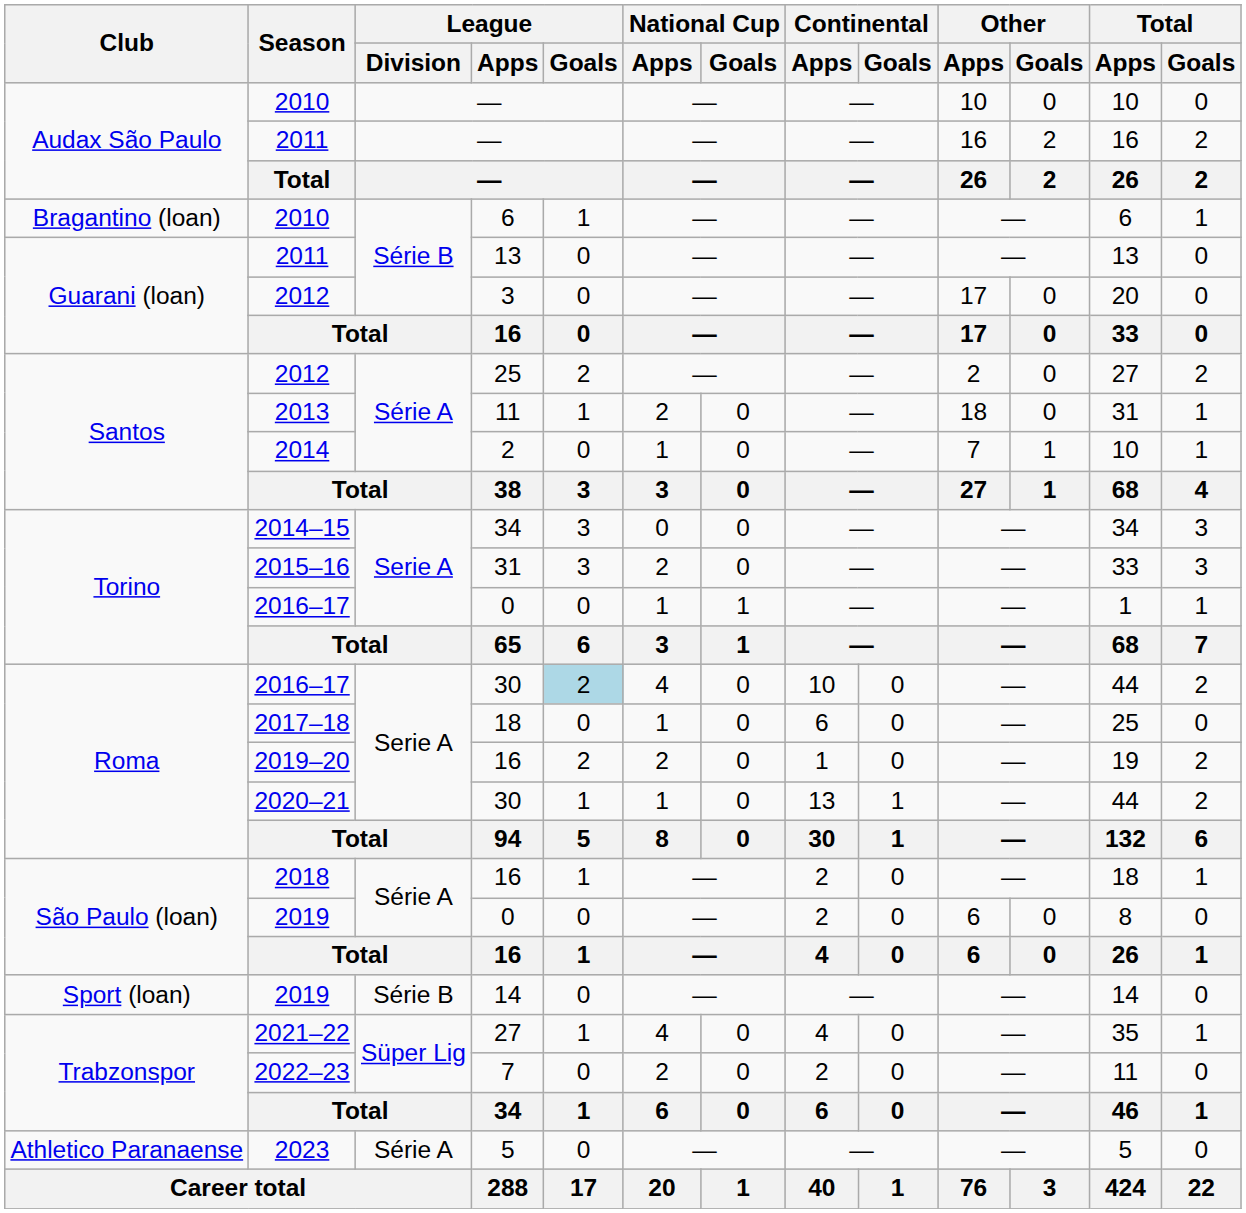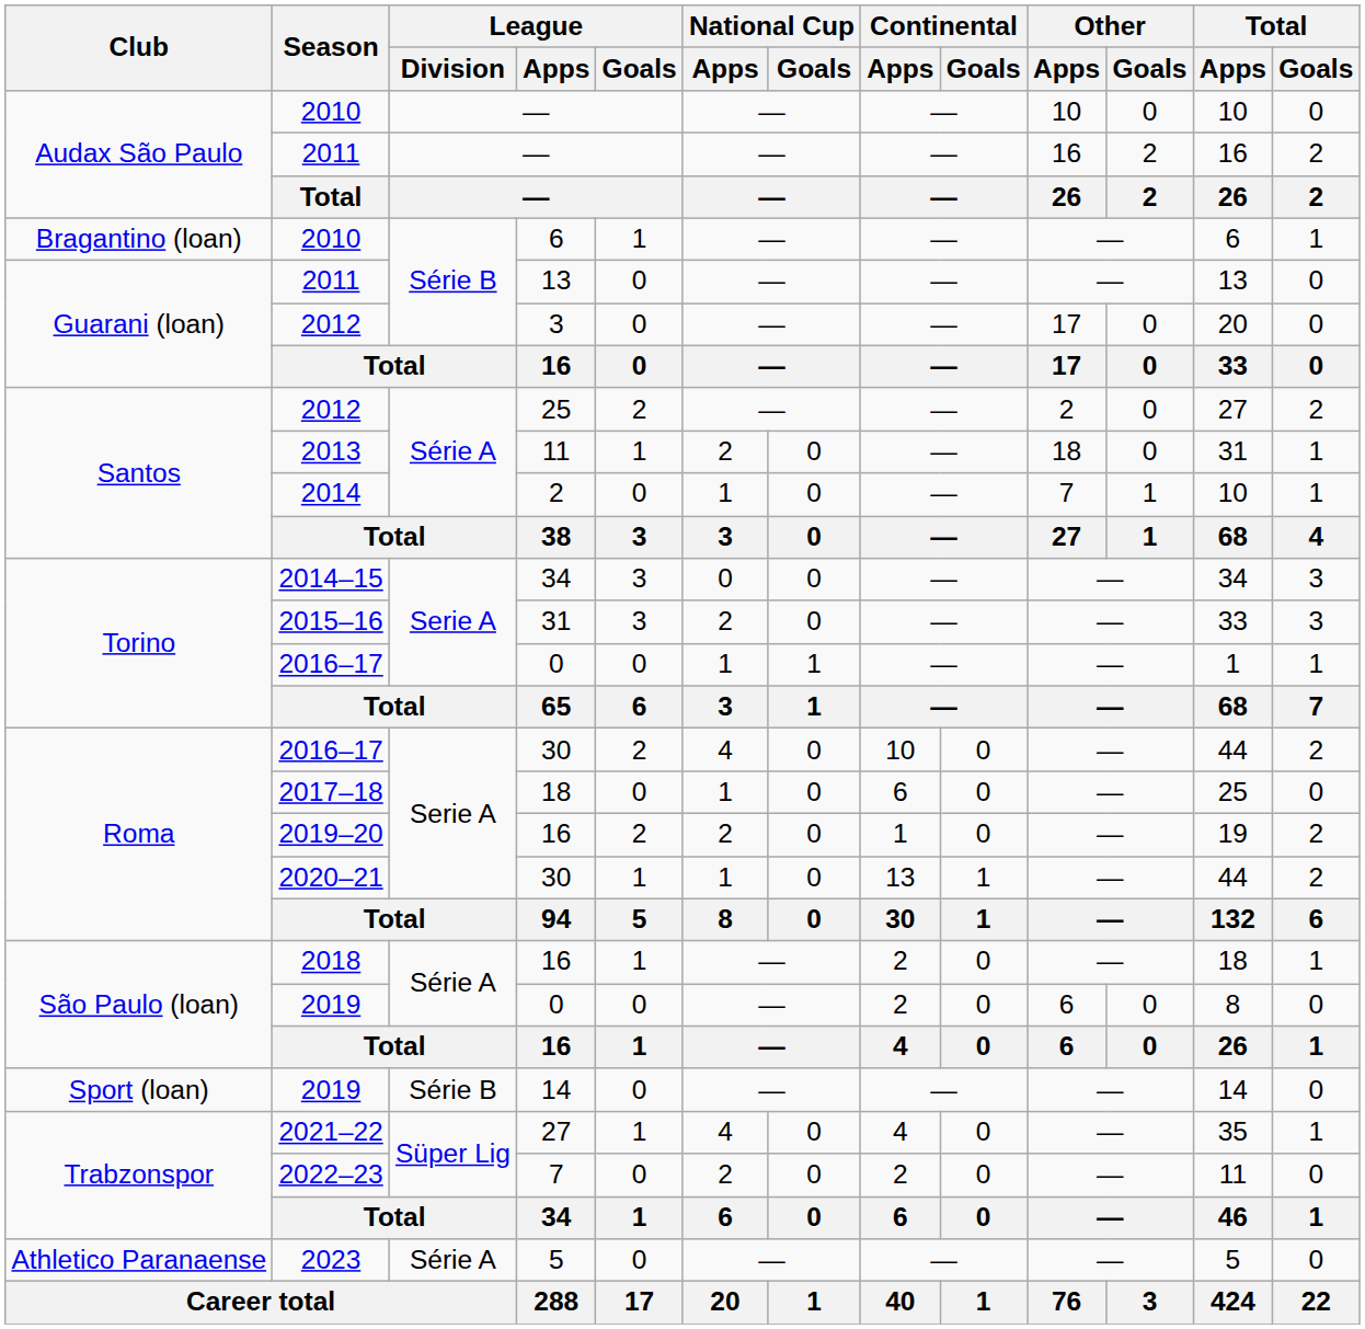 <table class="wikitable" style="text-align: center">
 <tr>
 <th rowspan=2>Club</th>
 <th rowspan=2>Season</th>
 <th colspan=3>League</th>
 <th colspan=2>National Cup</th>
 <th colspan=2>Continental</th>
 <th colspan=2>Other</th>
 <th colspan=2>Total</th>
 </tr>
 <tr>
 <th>Division</th>
 <th>Apps</th>
 <th>Goals</th>
 <th>Apps</th>
 <th>Goals</th>
 <th>Apps</th>
 <th>Goals</th>
 <th>Apps</th>
 <th>Goals</th>
 <th>Apps</th>
 <th>Goals</th>
 </tr>
 <tr>
 <td rowspan=3><a href='#'>Audax São Paulo</a></td>
 <td><a href='#'>2010</a></td>
 <td colspan=3>—</td>
 <td colspan=2>—</td>
 <td colspan=2>—</td>
 <td>10</td>
 <td>0</td>
 <td>10</td>
 <td>0</td>
 </tr>
 <tr>
 <td><a href='#'>2011</a></td>
 <td colspan=3>—</td>
 <td colspan=2>—</td>
 <td colspan=2>—</td>
 <td>16</td>
 <td>2</td>
 <td>16</td>
 <td>2</td>
 </tr>
 <tr>
 <th>Total</th>
 <th colspan=3>—</th>
 <th colspan=2>—</th>
 <th colspan=2>—</th>
 <th>26</th>
 <th>2</th>
 <th>26</th>
 <th>2</th>
 </tr>
 <tr>
 <td><a href='#'>Bragantino</a> (loan)</td>
 <td><a href='#'>2010</a></td>
 <td rowspan=3><a href='#'>Série B</a></td>
 <td>6</td>
 <td>1</td>
 <td colspan=2>—</td>
 <td colspan=2>—</td>
 <td colspan=2>—</td>
 <td>6</td>
 <td>1</td>
 </tr>
 <tr>
 <td rowspan=3><a href='#'>Guarani</a> (loan)</td>
 <td><a href='#'>2011</a></td>
 <td>13</td>
 <td>0</td>
 <td colspan=2>—</td>
 <td colspan=2>—</td>
 <td colspan=2>—</td>
 <td>13</td>
 <td>0</td>
 </tr>
 <tr>
 <td><a href='#'>2012</a></td>
 <td>3</td>
 <td>0</td>
 <td colspan=2>—</td>
 <td colspan=2>—</td>
 <td>17</td>
 <td>0</td>
 <td>20</td>
 <td>0</td>
 </tr>
 <tr>
 <th colspan=2>Total</th>
 <th>16</th>
 <th>0</th>
 <th colspan=2>—</th>
 <th colspan=2>—</th>
 <th>17</th>
 <th>0</th>
 <th>33</th>
 <th>0</th>
 </tr>
 <tr>
 <td rowspan=4><a href='#'>Santos</a></td>
 <td><a href='#'>2012</a></td>
 <td rowspan=3><a href='#'>Série A</a></td>
 <td>25</td>
 <td>2</td>
 <td colspan=2>—</td>
 <td colspan=2>—</td>
 <td>2</td>
 <td>0</td>
 <td>27</td>
 <td>2</td>
 </tr>
 <tr>
 <td><a href='#'>2013</a></td>
 <td>11</td>
 <td>1</td>
 <td>2</td>
 <td>0</td>
 <td colspan=2>—</td>
 <td>18</td>
 <td>0</td>
 <td>31</td>
 <td>1</td>
 </tr>
 <tr>
 <td><a href='#'>2014</a></td>
 <td>2</td>
 <td>0</td>
 <td>1</td>
 <td>0</td>
 <td colspan=2>—</td>
 <td>7</td>
 <td>1</td>
 <td>10</td>
 <td>1</td>
 </tr>
 <tr>
 <th colspan=2>Total</th>
 <th>38</th>
 <th>3</th>
 <th>3</th>
 <th>0</th>
 <th colspan=2>—</th>
 <th>27</th>
 <th>1</th>
 <th>68</th>
 <th>4</th>
 </tr>
 <tr>
 <td rowspan=4><a href='#'>Torino</a></td>
 <td><a href='#'>2014–15</a></td>
 <td rowspan=3><a href='#'>Serie A</a></td>
 <td>34</td>
 <td>3</td>
 <td>0</td>
 <td>0</td>
 <td colspan=2>—</td>
 <td colspan=2>—</td>
 <td>34</td>
 <td>3</td>
 </tr>
 <tr>
 <td><a href='#'>2015–16</a></td>
 <td>31</td>
 <td>3</td>
 <td>2</td>
 <td>0</td>
 <td colspan=2>—</td>
 <td colspan=2>—</td>
 <td>33</td>
 <td>3</td>
 </tr>
 <tr>
 <td><a href='#'>2016–17</a></td>
 <td>0</td>
 <td>0</td>
 <td>1</td>
 <td>1</td>
 <td colspan=2>—</td>
 <td colspan=2>—</td>
 <td>1</td>
 <td>1</td>
 </tr>
 <tr>
 <th colspan=2>Total</th>
 <th>65</th>
 <th>6</th>
 <th>3</th>
 <th>1</th>
 <th colspan=2>—</th>
 <th colspan=2>—</th>
 <th>68</th>
 <th>7</th>
 </tr>
 <tr>
 <td rowspan=5><a href='#'>Roma</a></td>
 <td><a href='#'>2016–17</a></td>
 <td rowspan=4>Serie A</td>
 <td>30</td>
-<td style="background: lightblue;">2</td>
+<td>2</td>
 <td>4</td>
 <td>0</td>
 <td>10</td>
 <td>0</td>
 <td colspan=2>—</td>
 <td>44</td>
 <td>2</td>
 </tr>
 <tr>
 <td><a href='#'>2017–18</a></td>
 <td>18</td>
 <td>0</td>
 <td>1</td>
 <td>0</td>
 <td>6</td>
 <td>0</td>
 <td colspan=2>—</td>
 <td>25</td>
 <td>0</td>
 </tr>
 <tr>
 <td><a href='#'>2019–20</a></td>
 <td>16</td>
 <td>2</td>
 <td>2</td>
 <td>0</td>
 <td>1</td>
 <td>0</td>
 <td colspan=2>—</td>
 <td>19</td>
 <td>2</td>
 </tr>
 <tr>
 <td><a href='#'>2020–21</a></td>
 <td>30</td>
 <td>1</td>
 <td>1</td>
 <td>0</td>
 <td>13</td>
 <td>1</td>
 <td colspan=2>—</td>
 <td>44</td>
 <td>2</td>
 </tr>
 <tr>
 <th colspan=2>Total</th>
 <th>94</th>
 <th>5</th>
 <th>8</th>
 <th>0</th>
 <th>30</th>
 <th>1</th>
 <th colspan=2>—</th>
 <th>132</th>
 <th>6</th>
 </tr>
 <tr>
 <td rowspan=3><a href='#'>São Paulo</a> (loan)</td>
 <td><a href='#'>2018</a></td>
 <td rowspan=2>Série A</td>
 <td>16</td>
 <td>1</td>
 <td colspan=2>—</td>
 <td>2</td>
 <td>0</td>
 <td colspan=2>—</td>
 <td>18</td>
 <td>1</td>
 </tr>
 <tr>
 <td><a href='#'>2019</a></td>
 <td>0</td>
 <td>0</td>
 <td colspan=2>—</td>
 <td>2</td>
 <td>0</td>
 <td>6</td>
 <td>0</td>
 <td>8</td>
 <td>0</td>
 </tr>
 <tr>
 <th colspan=2>Total</th>
 <th>16</th>
 <th>1</th>
 <th colspan=2>—</th>
 <th>4</th>
 <th>0</th>
 <th>6</th>
 <th>0</th>
 <th>26</th>
 <th>1</th>
 </tr>
 <tr>
 <td><a href='#'>Sport</a> (loan)</td>
 <td><a href='#'>2019</a></td>
 <td>Série B</td>
 <td>14</td>
 <td>0</td>
 <td colspan=2>—</td>
 <td colspan=2>—</td>
 <td colspan=2>—</td>
 <td>14</td>
 <td>0</td>
 </tr>
 <tr>
 <td rowspan=3><a href='#'>Trabzonspor</a></td>
 <td><a href='#'>2021–22</a></td>
 <td rowspan=2><a href='#'>Süper Lig</a></td>
 <td>27</td>
 <td>1</td>
 <td>4</td>
 <td>0</td>
 <td>4</td>
 <td>0</td>
 <td colspan=2>—</td>
 <td>35</td>
 <td>1</td>
 </tr>
 <tr>
 <td><a href='#'>2022–23</a></td>
 <td>7</td>
 <td>0</td>
 <td>2</td>
 <td>0</td>
 <td>2</td>
 <td>0</td>
 <td colspan=2>—</td>
 <td>11</td>
 <td>0</td>
 </tr>
 <tr>
 <th colspan=2>Total</th>
 <th>34</th>
 <th>1</th>
 <th>6</th>
 <th>0</th>
 <th>6</th>
 <th>0</th>
 <th colspan=2>—</th>
 <th>46</th>
 <th>1</th>
 </tr>
 <tr>
 <td><a href='#'>Athletico Paranaense</a></td>
 <td><a href='#'>2023</a></td>
 <td>Série A</td>
 <td>5</td>
 <td>0</td>
 <td colspan=2>—</td>
 <td colspan=2>—</td>
 <td colspan=2>—</td>
 <td>5</td>
 <td>0</td>
 </tr>
 <tr>
 <th colspan=3>Career total</th>
 <th>288</th>
 <th>17</th>
 <th>20</th>
 <th>1</th>
 <th>40</th>
 <th>1</th>
 <th>76</th>
 <th>3</th>
 <th>424</th>
 <th>22</th>
 </tr>
 </table>
